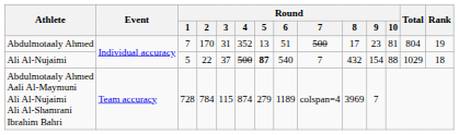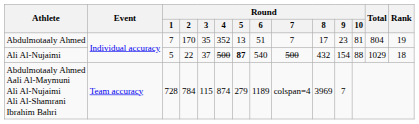 <table class=wikitable style=font-size:90%;text-align:center>
 <tr>
 <th rowspan="2">Athlete</th>
 <th rowspan="2">Event</th>
 <th colspan=10>Round</th>
 <th rowspan=2>Total</th>
 <th rowspan=2>Rank</th>
 </tr>
 <tr style="font-size:95%">
 <th>1</th>
 <th>2</th>
 <th>3</th>
 <th>4</th>
 <th>5</th>
 <th>6</th>
 <th>7</th>
 <th>8</th>
 <th>9</th>
 <th>10</th>
 </tr>
 <tr>
 <td align=left>Abdulmotaaly Ahmed</td>
 <td align=left rowspan=2><a href='#'>Individual accuracy</a></td>
 <td>7</td>
 <td>170</td>
-<td>31</td>
+<td>35</td>
 <td>352</td>
 <td>13</td>
 <td>51</td>
-<td><s>500</s></td>
+<td>7</td>
 <td>17</td>
 <td>23</td>
 <td>81</td>
 <td>804</td>
 <td>19</td>
 </tr>
 <tr>
 <td align=left>Ali Al-Nujaimi</td>
 <td>5</td>
 <td>22</td>
 <td>37</td>
 <td><s>500</s></td>
 <td><strong>87</strong></td>
 <td>540</td>
-<td>7</td>
+<td><s>500</s></td>
 <td>432</td>
 <td>154</td>
 <td>88</td>
 <td>1029</td>
 <td>18</td>
 </tr>
 <tr>
 <td align=left>Abdulmotaaly Ahmed<br>Aali Al-Maymuni<br>Ali Al-Nujaimi<br>Ali Al-Shamrani<br>Ibrahim Bahri</td>
 <td align=left><a href='#'>Team accuracy</a></td>
 <td>728</td>
 <td>784</td>
 <td>115</td>
 <td>874</td>
 <td>279</td>
 <td>1189</td>
 <td>colspan=4 </td>
 <td>3969</td>
 <td>7</td>
 </tr>
 </table>
